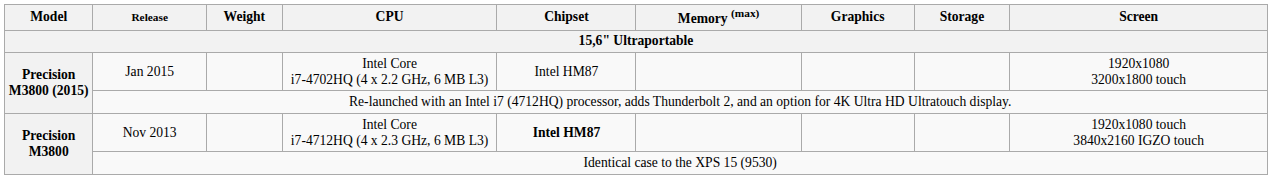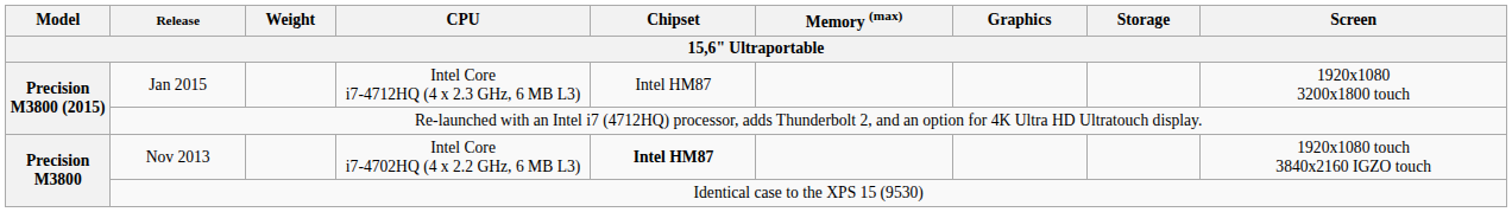 <table class="wikitable" style="font-size: 85%; text-align: center; width: 100%;">
 <tr>
 <th style="width:7%">Model</th>
 <th><small>Release</small></th>
 <th style="width:6%">Weight</th>
 <th style="width:17%">CPU</th>
 <th>Chipset</th>
 <th>Memory <sup>(max)</sup></th>
 <th>Graphics</th>
 <th>Storage</th>
 <th>Screen</th>
 </tr>
 <tr>
 <th colspan="9">15,6" Ultraportable</th>
 </tr>
 <tr>
 <th rowspan="2">Precision <br>M3800 (2015)</th>
 <td>Jan 2015</td>
 <td></td>
-<td style="background:">Intel Core <br>i7-4702HQ (4 x 2.2 GHz, 6 MB L3)</td>
+<td style="background:">Intel Core <br> i7-4712HQ (4 x 2.3 GHz, 6 MB L3)</td>
 <td>Intel HM87</td>
 <td></td>
 <td></td>
 <td></td>
 <td style="background:">1920x1080<br>3200x1800 touch</td>
 </tr>
 <tr>
 <td colspan="8">Re-launched with an Intel i7 (4712HQ) processor, adds Thunderbolt 2, and an option for 4K Ultra HD Ultratouch display.</td>
 </tr>
 <tr>
 <th rowspan="2">Precision <br>M3800</th>
 <td>Nov 2013</td>
 <td></td>
-<td style="background:">Intel Core <br> i7-4712HQ (4 x 2.3 GHz, 6 MB L3)</td>
+<td style="background:">Intel Core <br>i7-4702HQ (4 x 2.2 GHz, 6 MB L3)</td>
 <td><strong>Intel HM87</strong></td>
 <td></td>
 <td></td>
 <td></td>
 <td style="background:">1920x1080 touch<br>3840x2160 IGZO touch</td>
 </tr>
 <tr>
 <td colspan="8">Identical case to the XPS 15 (9530)</td>
 </tr>
 </table>
